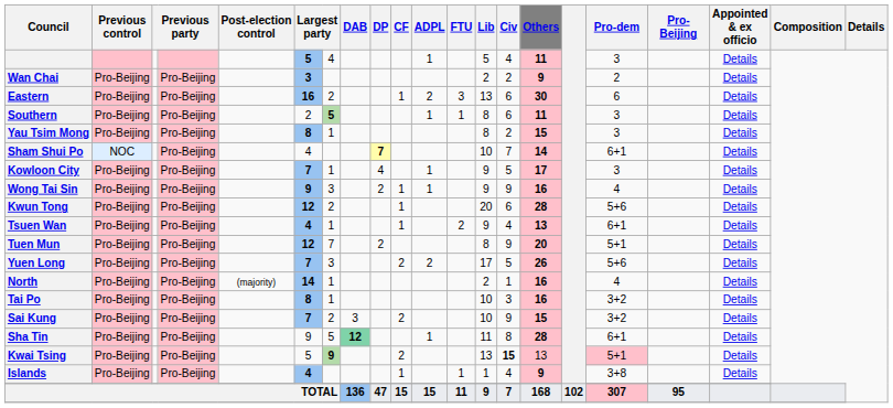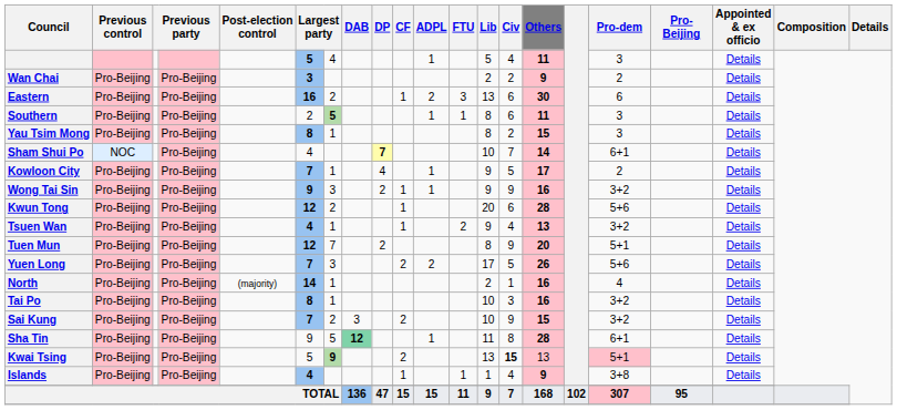 <table class="wikitable" style="text-align:center;font-size:75%">
 <tr>
 <th>Council</th>
 <th>Previous<br>control</th>
 <th colspan=2>Previous<br>party</th>
 <th>Post-election<br>control</th>
 <th colspan=2>Largest<br>party</th>
 <th class="unsortable" style="background:"><a href='#'><span>DAB</span></a></th>
 <th class="unsortable" style="background:"><a href='#'><span>DP</span></a></th>
 <th class="unsortable" style="background:"><a href='#'><span>CF</span></a></th>
 <th class="unsortable" style="background:"><a href='#'><span>ADPL</span></a></th>
 <th class="unsortable" style="background:"><a href='#'><span>FTU</span></a></th>
 <th class="unsortable" style="background:"><a href='#'><span>Lib</span></a></th>
 <th class="unsortable" style="background:"><a href='#'><span>Civ</span></a></th>
 <th class="unsortable" style="background:gray; width:35px;"><a href='#'><span>Others</span></a></th>
 <th class="unsortable" rowspan=20></th>
 <th class="unsortable"  style="width:60px;"><a href='#'>Pro-dem</a></th>
 <th class="unsortable"  style="width:60px;"><a href='#'>Pro-Beijing</a></th>
 <th class="unsortable" style="width:60px;">Appointed <br>& ex officio</th>
 <th class="unsortable">Composition</th>
 <th class="unsortable">Details</th>
 </tr>
 <tr>
 <th scope="row" style="text-align: left;"></th>
 <td style="background-color:Pink"></td>
 <td></td>
 <td style="background-color:Pink"></td>
 <td></td>
 <td bgcolor=#98c3f1><strong>5</strong></td>
 <td>4</td>
 <td></td>
 <td></td>
 <td></td>
 <td>1</td>
 <td></td>
 <td>5</td>
 <td>4</td>
 <td bgcolor=pink><strong>11</strong></td>
 <td>3</td>
 <td></td>
 <td><a href='#'>Details</a></td>
 </tr>
 <tr>
 <th scope="row" style="text-align: left;"><a href='#'>Wan Chai</a></th>
 <td style="background-color:Pink">Pro-Beijing</td>
 <td></td>
 <td style="background-color:Pink">Pro-Beijing</td>
 <td></td>
 <td bgcolor=#98c3f1><strong>3</strong></td>
 <td></td>
 <td></td>
 <td></td>
 <td></td>
 <td></td>
 <td></td>
 <td>2</td>
 <td>2</td>
 <td bgcolor=pink><strong>9</strong></td>
 <td>2</td>
 <td></td>
 <td><a href='#'>Details</a></td>
 </tr>
 <tr>
 <th scope="row" style="text-align: left;"><a href='#'>Eastern</a></th>
 <td style="background-color:Pink">Pro-Beijing</td>
 <td></td>
 <td style="background-color:Pink">Pro-Beijing</td>
 <td></td>
 <td bgcolor=#98c3f1><strong>16</strong></td>
 <td>2</td>
 <td></td>
 <td></td>
 <td>1</td>
 <td>2</td>
 <td>3</td>
 <td>13</td>
 <td>6</td>
 <td bgcolor=pink><strong>30</strong></td>
 <td>6</td>
 <td></td>
 <td><a href='#'>Details</a></td>
 </tr>
 <tr>
 <th scope="row" style="text-align: left;"><a href='#'>Southern</a></th>
 <td style="background-color:Pink">Pro-Beijing</td>
 <td></td>
 <td style="background-color:Pink">Pro-Beijing</td>
 <td></td>
 <td>2</td>
 <td bgcolor=#b3dba9><strong>5</strong></td>
 <td></td>
 <td></td>
 <td></td>
 <td>1</td>
 <td>1</td>
 <td>8</td>
 <td>6</td>
 <td bgcolor=pink><strong>11</strong></td>
 <td>3</td>
 <td></td>
 <td><a href='#'>Details</a></td>
 </tr>
 <tr>
 <th scope="row" style="text-align: left;"><a href='#'>Yau Tsim Mong</a></th>
 <td style="background-color:Pink">Pro-Beijing</td>
 <td></td>
 <td style="background-color:Pink">Pro-Beijing</td>
 <td></td>
 <td bgcolor=#98c3f1><strong>8</strong></td>
 <td>1</td>
 <td></td>
 <td></td>
 <td></td>
 <td></td>
 <td></td>
 <td>8</td>
 <td>2</td>
 <td bgcolor=pink><strong>15</strong></td>
 <td>3</td>
 <td></td>
 <td><a href='#'>Details</a></td>
 </tr>
 <tr>
 <th scope="row" style="text-align: left;"><a href='#'>Sham Shui Po</a></th>
 <td style="background-color:#DDEEFF">NOC</td>
 <td></td>
 <td style="background-color:Pink">Pro-Beijing</td>
 <td></td>
 <td>4</td>
 <td></td>
 <td></td>
 <td bgcolor=#fffdac><strong>7</strong></td>
 <td></td>
 <td></td>
 <td></td>
 <td>10</td>
 <td>7</td>
 <td bgcolor=pink><strong>14</strong></td>
 <td>6+1</td>
 <td></td>
 <td><a href='#'>Details</a></td>
 </tr>
 <tr>
 <th scope="row" style="text-align: left;"><a href='#'>Kowloon City</a></th>
 <td style="background-color:Pink">Pro-Beijing</td>
 <td></td>
 <td style="background-color:Pink">Pro-Beijing</td>
 <td></td>
 <td bgcolor=#98c3f1><strong>7</strong></td>
 <td>1</td>
 <td></td>
 <td>4</td>
 <td></td>
 <td>1</td>
 <td></td>
 <td>9</td>
 <td>5</td>
 <td bgcolor=pink><strong>17</strong></td>
-<td>3</td>
+<td>2</td>
 <td></td>
 <td><a href='#'>Details</a></td>
 </tr>
 <tr>
 <th scope="row" style="text-align: left;"><a href='#'>Wong Tai Sin</a></th>
 <td style="background-color:Pink">Pro-Beijing</td>
 <td></td>
 <td style="background-color:Pink">Pro-Beijing</td>
 <td></td>
 <td bgcolor=#98c3f1><strong>9</strong></td>
 <td>3</td>
 <td></td>
 <td>2</td>
 <td>1</td>
 <td>1</td>
 <td></td>
 <td>9</td>
 <td>9</td>
 <td bgcolor=pink><strong>16</strong></td>
-<td>4</td>
+<td>3+2</td>
 <td></td>
 <td><a href='#'>Details</a></td>
 </tr>
 <tr>
 <th scope="row" style="text-align: left;"><a href='#'>Kwun Tong</a></th>
 <td style="background-color:Pink">Pro-Beijing</td>
 <td></td>
 <td style="background-color:Pink">Pro-Beijing</td>
 <td></td>
 <td bgcolor=#98c3f1><strong>12</strong></td>
 <td>2</td>
 <td></td>
 <td></td>
 <td>1</td>
 <td></td>
 <td></td>
 <td>20</td>
 <td>6</td>
 <td bgcolor=pink><strong>28</strong></td>
 <td>5+6</td>
 <td></td>
 <td><a href='#'>Details</a></td>
 </tr>
 <tr>
 <th scope="row" style="text-align: left;"><a href='#'>Tsuen Wan</a></th>
 <td style="background-color:Pink">Pro-Beijing</td>
 <td></td>
 <td style="background-color:Pink">Pro-Beijing</td>
 <td></td>
 <td bgcolor=#98c3f1><strong>4</strong></td>
 <td>1</td>
 <td></td>
 <td></td>
 <td>1</td>
 <td></td>
 <td>2</td>
 <td>9</td>
 <td>4</td>
 <td bgcolor=pink><strong>13</strong></td>
-<td>6+1</td>
+<td>3+2</td>
 <td></td>
 <td><a href='#'>Details</a></td>
 </tr>
 <tr>
 <th scope="row" style="text-align: left;"><a href='#'>Tuen Mun</a></th>
 <td style="background-color:Pink">Pro-Beijing</td>
 <td></td>
 <td style="background-color:Pink">Pro-Beijing</td>
 <td></td>
 <td bgcolor=#98c3f1><strong>12</strong></td>
 <td>7</td>
 <td></td>
 <td>2</td>
 <td></td>
 <td></td>
 <td></td>
 <td>8</td>
 <td>9</td>
 <td bgcolor=pink><strong>20</strong></td>
 <td>5+1</td>
 <td></td>
 <td><a href='#'>Details</a></td>
 </tr>
 <tr>
 <th scope="row" style="text-align: left;"><a href='#'>Yuen Long</a></th>
 <td style="background-color:Pink">Pro-Beijing</td>
 <td></td>
 <td style="background-color:Pink">Pro-Beijing</td>
 <td></td>
 <td bgcolor=#98c3f1><strong>7</strong></td>
 <td>3</td>
 <td></td>
 <td></td>
 <td>2</td>
 <td>2</td>
 <td></td>
 <td>17</td>
 <td>5</td>
 <td bgcolor=pink><strong>26</strong></td>
 <td>5+6</td>
 <td></td>
 <td><a href='#'>Details</a></td>
 </tr>
 <tr>
 <th scope="row" style="text-align: left;"><a href='#'>North</a></th>
 <td style="background-color:Pink">Pro-Beijing</td>
 <td></td>
 <td style="background-color:Pink">Pro-Beijing</td>
 <td> <small>(majority)</small></td>
 <td bgcolor=#98c3f1><strong>14</strong></td>
 <td>1</td>
 <td></td>
 <td></td>
 <td></td>
 <td></td>
 <td></td>
 <td>2</td>
 <td>1</td>
 <td bgcolor=pink><strong>16</strong></td>
 <td>4</td>
 <td></td>
 <td><a href='#'>Details</a></td>
 </tr>
 <tr>
 <th scope="row" style="text-align: left;"><a href='#'>Tai Po</a></th>
 <td style="background-color:Pink">Pro-Beijing</td>
 <td></td>
 <td style="background-color:Pink">Pro-Beijing</td>
 <td></td>
 <td bgcolor=#98c3f1><strong>8</strong></td>
 <td>1</td>
 <td></td>
 <td></td>
 <td></td>
 <td></td>
 <td></td>
 <td>10</td>
 <td>3</td>
 <td bgcolor=pink><strong>16</strong></td>
 <td>3+2</td>
 <td></td>
 <td><a href='#'>Details</a></td>
 </tr>
 <tr>
 <th scope="row" style="text-align: left;"><a href='#'>Sai Kung</a></th>
 <td style="background-color:Pink">Pro-Beijing</td>
 <td></td>
 <td style="background-color:Pink">Pro-Beijing</td>
 <td></td>
 <td bgcolor=#98c3f1><strong>7</strong></td>
 <td>2</td>
 <td>3</td>
 <td></td>
 <td>2</td>
 <td></td>
 <td></td>
 <td>10</td>
 <td>9</td>
 <td bgcolor=pink><strong>15</strong></td>
 <td>3+2</td>
 <td></td>
 <td><a href='#'>Details</a></td>
 </tr>
 <tr>
 <th scope="row" style="text-align: left;"><a href='#'>Sha Tin</a></th>
 <td style="background-color:Pink">Pro-Beijing</td>
 <td></td>
 <td style="background-color:Pink">Pro-Beijing</td>
 <td></td>
 <td>9</td>
 <td>5</td>
 <td bgcolor=#7fd3a9><strong>12</strong></td>
 <td></td>
 <td></td>
 <td>1</td>
 <td></td>
 <td>11</td>
 <td>8</td>
 <td bgcolor=pink><strong>28</strong></td>
 <td>6+1</td>
 <td></td>
 <td><a href='#'>Details</a></td>
 </tr>
 <tr>
 <th scope="row" style="text-align: left;"><a href='#'>Kwai Tsing</a></th>
 <td style="background-color:Pink">Pro-Beijing</td>
 <td></td>
 <td style="background-color:Pink">Pro-Beijing</td>
 <td></td>
 <td>5</td>
 <td bgcolor=#b3dba9><strong>9</strong></td>
 <td></td>
 <td></td>
 <td>2</td>
 <td></td>
 <td></td>
 <td>13</td>
 <td><strong>15</strong></td>
 <td bgcolor=pink>13</td>
 <td bgcolor=pink>5+1</td>
 <td></td>
 <td><a href='#'>Details</a></td>
 </tr>
 <tr>
 <th scope="row" style="text-align: left;"><a href='#'>Islands</a></th>
 <td style="background-color:Pink">Pro-Beijing</td>
 <td></td>
 <td style="background-color:Pink">Pro-Beijing</td>
 <td></td>
 <td bgcolor=#98c3f1><strong>4</strong></td>
 <td></td>
 <td></td>
 <td></td>
 <td>1</td>
 <td></td>
 <td>1</td>
 <td>1</td>
 <td>4</td>
 <td bgcolor=pink><strong>9</strong></td>
 <td>3+8</td>
 <td></td>
 <td><a href='#'>Details</a></td>
 </tr>
 <tr>
 </tr>
 <tr bgcolor=#EAECF0>
 <th scope="row" style="text-align: right;" colspan=7>TOTAL</th>
 <td bgcolor=#98c3f1><strong>136</strong></td>
 <td><strong>47</strong></td>
 <td><strong>15</strong></td>
 <td><strong>15</strong></td>
 <td><strong>11</strong></td>
 <td><strong>9</strong></td>
 <td><strong>7</strong></td>
 <td><strong>168</strong></td>
 <td><strong>102</strong></td>
 <td bgcolor=Pink><strong>307</strong></td>
 <td><strong>95</strong></td>
 <td></td>
 <td></td>
 </tr>
 <tr>
 </tr>
 </table>
